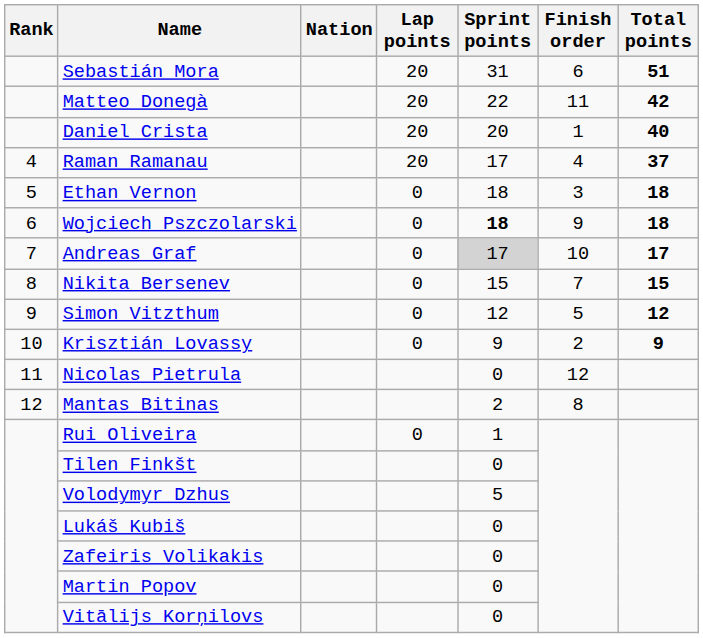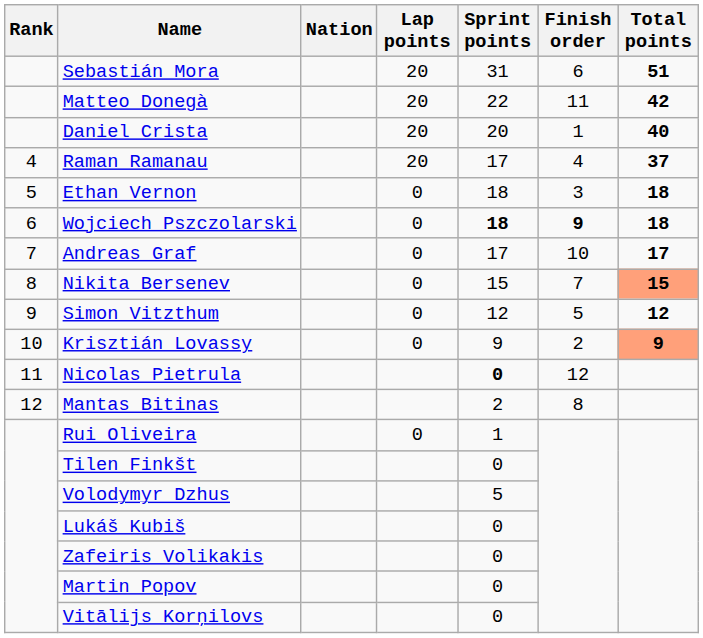 <table class="wikitable sortable" style="text-align:center">
 <tr>
 <th>Rank</th>
 <th>Name</th>
 <th>Nation</th>
 <th width=50>Lap points</th>
 <th width=50>Sprint points</th>
 <th width=50>Finish order</th>
 <th width=50>Total points</th>
 </tr>
 <tr>
 <td></td>
 <td align=left><a href='#'>Sebastián Mora</a></td>
 <td align=left></td>
 <td>20</td>
 <td>31</td>
 <td>6</td>
 <td><strong>51</strong></td>
 </tr>
 <tr>
 <td></td>
 <td align=left><a href='#'>Matteo Donegà</a></td>
 <td align=left></td>
 <td>20</td>
 <td>22</td>
 <td>11</td>
 <td><strong>42</strong></td>
 </tr>
 <tr>
 <td></td>
 <td align=left><a href='#'>Daniel Crista</a></td>
 <td align=left></td>
 <td>20</td>
 <td>20</td>
 <td>1</td>
 <td><strong>40</strong></td>
 </tr>
 <tr>
 <td>4</td>
 <td align=left><a href='#'>Raman Ramanau</a></td>
 <td align=left></td>
 <td>20</td>
 <td>17</td>
 <td>4</td>
 <td><strong>37</strong></td>
 </tr>
 <tr>
 <td>5</td>
 <td align=left><a href='#'>Ethan Vernon</a></td>
 <td align=left></td>
 <td>0</td>
 <td>18</td>
 <td>3</td>
 <td><strong>18</strong></td>
 </tr>
 <tr>
 <td>6</td>
 <td align=left><a href='#'>Wojciech Pszczolarski</a></td>
 <td align=left></td>
 <td>0</td>
 <td><strong>18</strong></td>
-<td>9</td>
+<td><strong>9</strong></td>
 <td><strong>18</strong></td>
 </tr>
 <tr>
 <td>7</td>
 <td align=left><a href='#'>Andreas Graf</a></td>
 <td align=left></td>
 <td>0</td>
-<td style="background: lightgrey;">17</td>
+<td>17</td>
 <td>10</td>
 <td><strong>17</strong></td>
 </tr>
 <tr>
 <td>8</td>
 <td align=left><a href='#'>Nikita Bersenev</a></td>
 <td align=left></td>
 <td>0</td>
 <td>15</td>
 <td>7</td>
-<td><strong>15</strong></td>
+<td style="background: lightsalmon;"><strong>15</strong></td>
 </tr>
 <tr>
 <td>9</td>
 <td align=left><a href='#'>Simon Vitzthum</a></td>
 <td align=left></td>
 <td>0</td>
 <td>12</td>
 <td>5</td>
 <td><strong>12</strong></td>
 </tr>
 <tr>
 <td>10</td>
 <td align=left><a href='#'>Krisztián Lovassy</a></td>
 <td align=left></td>
 <td>0</td>
 <td>9</td>
 <td>2</td>
-<td><strong>9</strong></td>
+<td style="background: lightsalmon;"><strong>9</strong></td>
 </tr>
 <tr>
 <td>11</td>
 <td align=left><a href='#'>Nicolas Pietrula</a></td>
 <td align=left></td>
 <td></td>
-<td>0</td>
+<td><strong>0</strong></td>
 <td>12</td>
 <td><strong></strong></td>
 </tr>
 <tr>
 <td>12</td>
 <td align=left><a href='#'>Mantas Bitinas</a></td>
 <td align=left></td>
 <td></td>
 <td>2</td>
 <td>8</td>
 <td><strong></strong></td>
 </tr>
 <tr>
 <td rowspan=7></td>
 <td align=left><a href='#'>Rui Oliveira</a></td>
 <td align=left></td>
 <td>0</td>
 <td>1</td>
 <td rowspan=7></td>
 <td rowspan=7></td>
 </tr>
 <tr>
 <td align=left><a href='#'>Tilen Finkšt</a></td>
 <td align=left></td>
 <td></td>
 <td>0</td>
 </tr>
 <tr>
 <td align=left><a href='#'>Volodymyr Dzhus</a></td>
 <td align=left></td>
 <td></td>
 <td>5</td>
 </tr>
 <tr>
 <td align=left><a href='#'>Lukáš Kubiš</a></td>
 <td align=left></td>
 <td></td>
 <td>0</td>
 </tr>
 <tr>
 <td align=left><a href='#'>Zafeiris Volikakis</a></td>
 <td align=left></td>
 <td></td>
 <td>0</td>
 </tr>
 <tr>
 <td align=left><a href='#'>Martin Popov</a></td>
 <td align=left></td>
 <td></td>
 <td>0</td>
 </tr>
 <tr>
 <td align=left><a href='#'>Vitālijs Korņilovs</a></td>
 <td align=left></td>
 <td></td>
 <td>0</td>
 </tr>
 </table>
